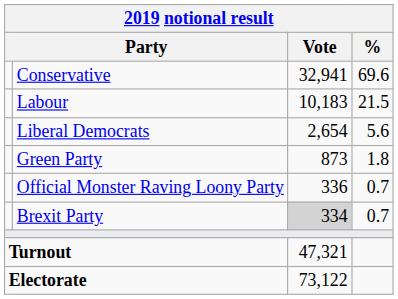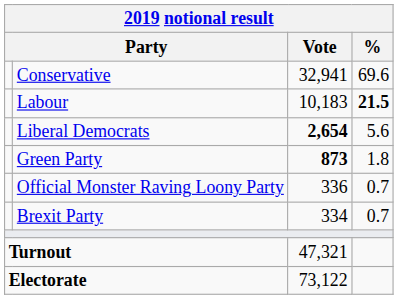 <table class="wikitable">
 <tr>
 <th colspan="4"><a href='#'>2019</a> <a href='#'>notional result</a></th>
 </tr>
 <tr>
 <th bgcolor="#DDDDFF" width="130px" colspan="2">Party</th>
 <th bgcolor="#DDDDFF" width="50px">Vote</th>
 <th bgcolor="#DDDDFF" width="30px">%</th>
 </tr>
 <tr>
 <td></td>
 <td><a href='#'>Conservative</a></td>
 <td align=right>32,941</td>
 <td align=right>69.6</td>
 </tr>
 <tr>
 <td></td>
 <td><a href='#'>Labour</a></td>
 <td align=right>10,183</td>
-<td align=right>21.5</td>
+<td align=right><strong>21.5</strong></td>
 </tr>
 <tr>
 <td></td>
 <td><a href='#'>Liberal Democrats</a></td>
-<td align=right>2,654</td>
+<td align=right><strong>2,654</strong></td>
 <td align=right>5.6</td>
 </tr>
 <tr>
 <td></td>
 <td><a href='#'>Green Party</a></td>
-<td align=right>873</td>
+<td align=right><strong>873</strong></td>
 <td align=right>1.8</td>
 </tr>
 <tr>
 <td></td>
 <td><a href='#'>Official Monster Raving Loony Party</a></td>
 <td align=right>336</td>
 <td align=right>0.7</td>
 </tr>
 <tr>
 <td></td>
 <td><a href='#'>Brexit Party</a></td>
-<td align=right style="background: lightgrey;">334</td>
+<td align=right>334</td>
 <td align=right>0.7</td>
 </tr>
 <tr>
 <td colspan="4" bgcolor="#EAECF0"></td>
 </tr>
 <tr>
 <td colspan="2"><strong>Turnout</strong></td>
 <td align=right>47,321</td>
 <td></td>
 </tr>
 <tr>
 <td colspan="2"><strong>Electorate</strong></td>
 <td align=right>73,122</td>
 </tr>
 </table>
